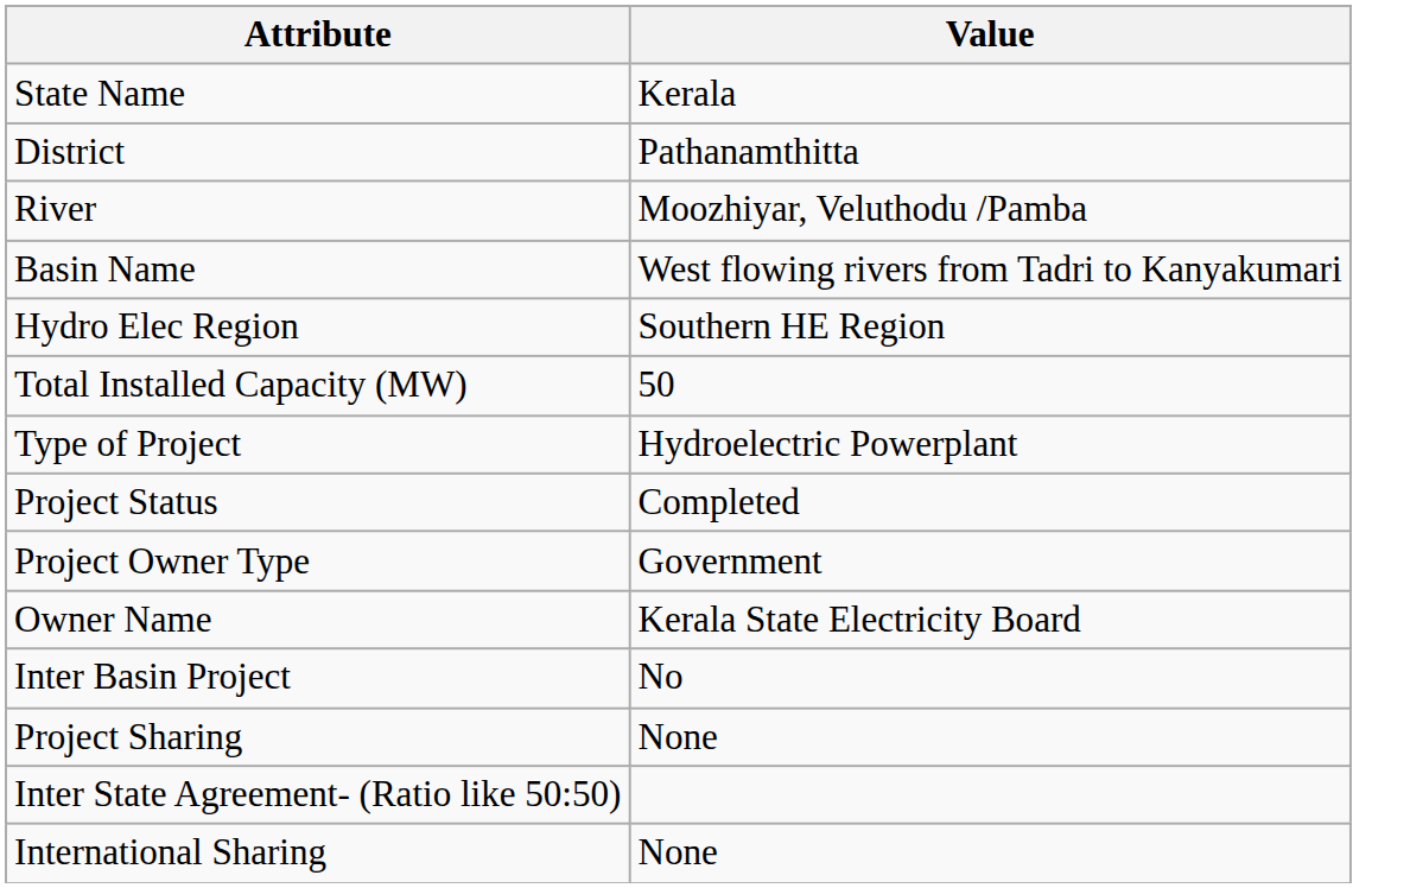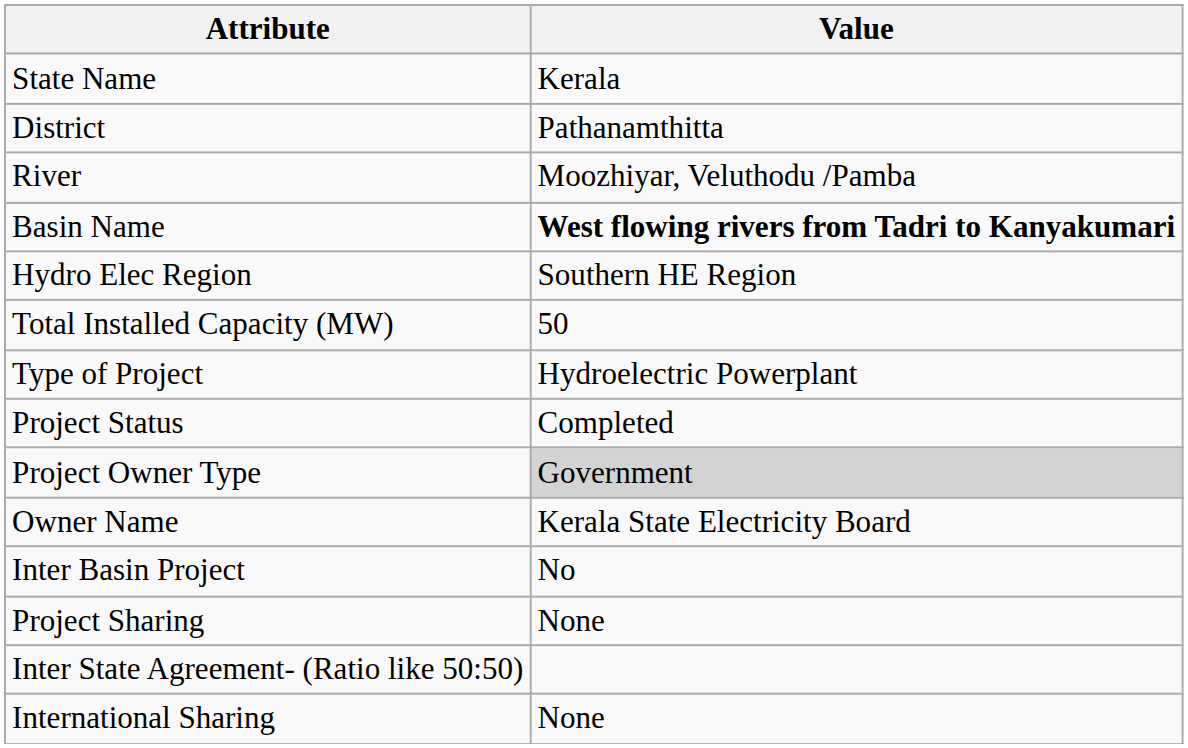 <table class="wikitable">
 <tr>
 <th>Attribute</th>
 <th>Value</th>
 </tr>
 <tr>
 <td>State Name</td>
 <td>Kerala</td>
 </tr>
 <tr>
 <td>District</td>
 <td>Pathanamthitta</td>
 </tr>
 <tr>
 <td>River</td>
 <td>Moozhiyar, Veluthodu /Pamba</td>
 </tr>
 <tr>
 <td>Basin Name</td>
-<td>West flowing rivers from Tadri to Kanyakumari</td>
+<td><strong>West flowing rivers from Tadri to Kanyakumari</strong></td>
 </tr>
 <tr>
 <td>Hydro Elec Region</td>
 <td>Southern HE Region</td>
 </tr>
 <tr>
 <td>Total Installed Capacity (MW)</td>
 <td>50</td>
 </tr>
 <tr>
 <td>Type of Project</td>
 <td>Hydroelectric Powerplant</td>
 </tr>
 <tr>
 <td>Project Status</td>
 <td>Completed</td>
 </tr>
 <tr>
 <td>Project Owner Type</td>
-<td>Government</td>
+<td style="background: lightgrey;">Government</td>
 </tr>
 <tr>
 <td>Owner Name</td>
 <td>Kerala State Electricity Board</td>
 </tr>
 <tr>
 <td>Inter Basin Project</td>
 <td>No</td>
 </tr>
 <tr>
 <td>Project Sharing</td>
 <td>None</td>
 </tr>
 <tr>
 <td>Inter State Agreement- (Ratio like 50:50)</td>
 </tr>
 <tr>
 <td>International Sharing</td>
 <td>None</td>
 </tr>
 </table>
